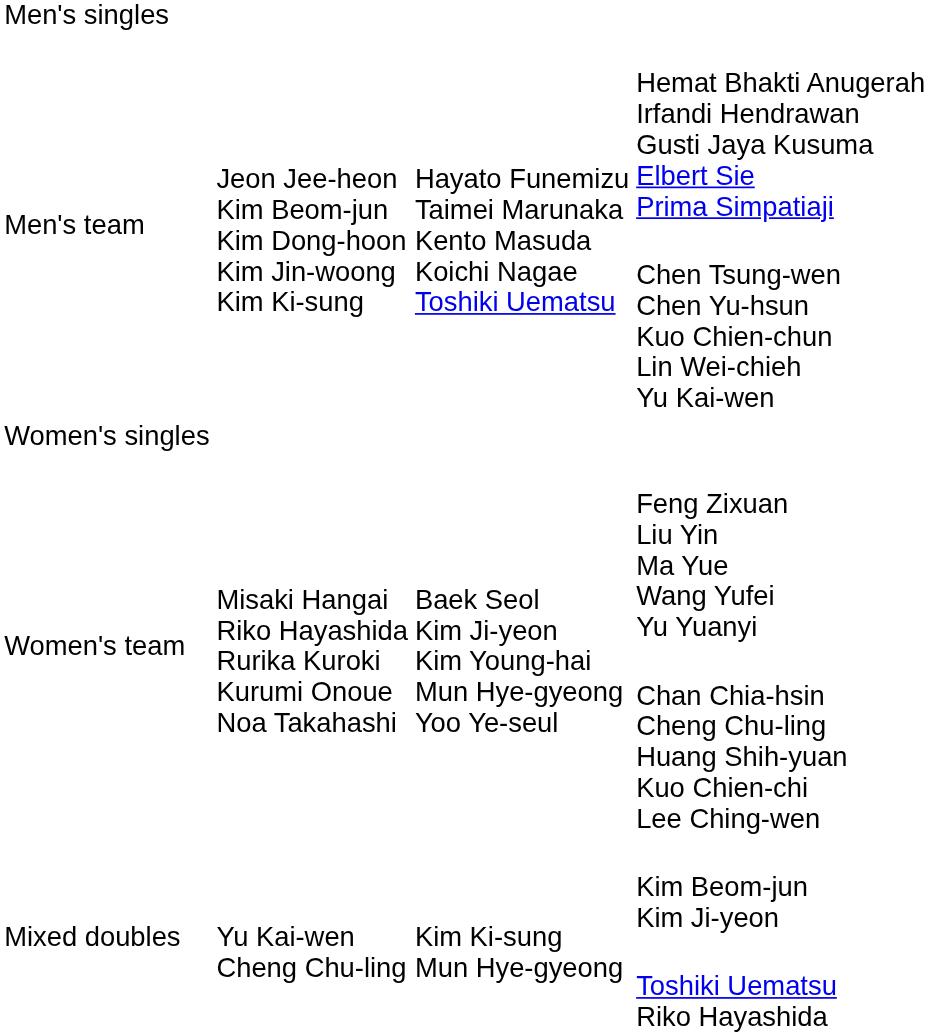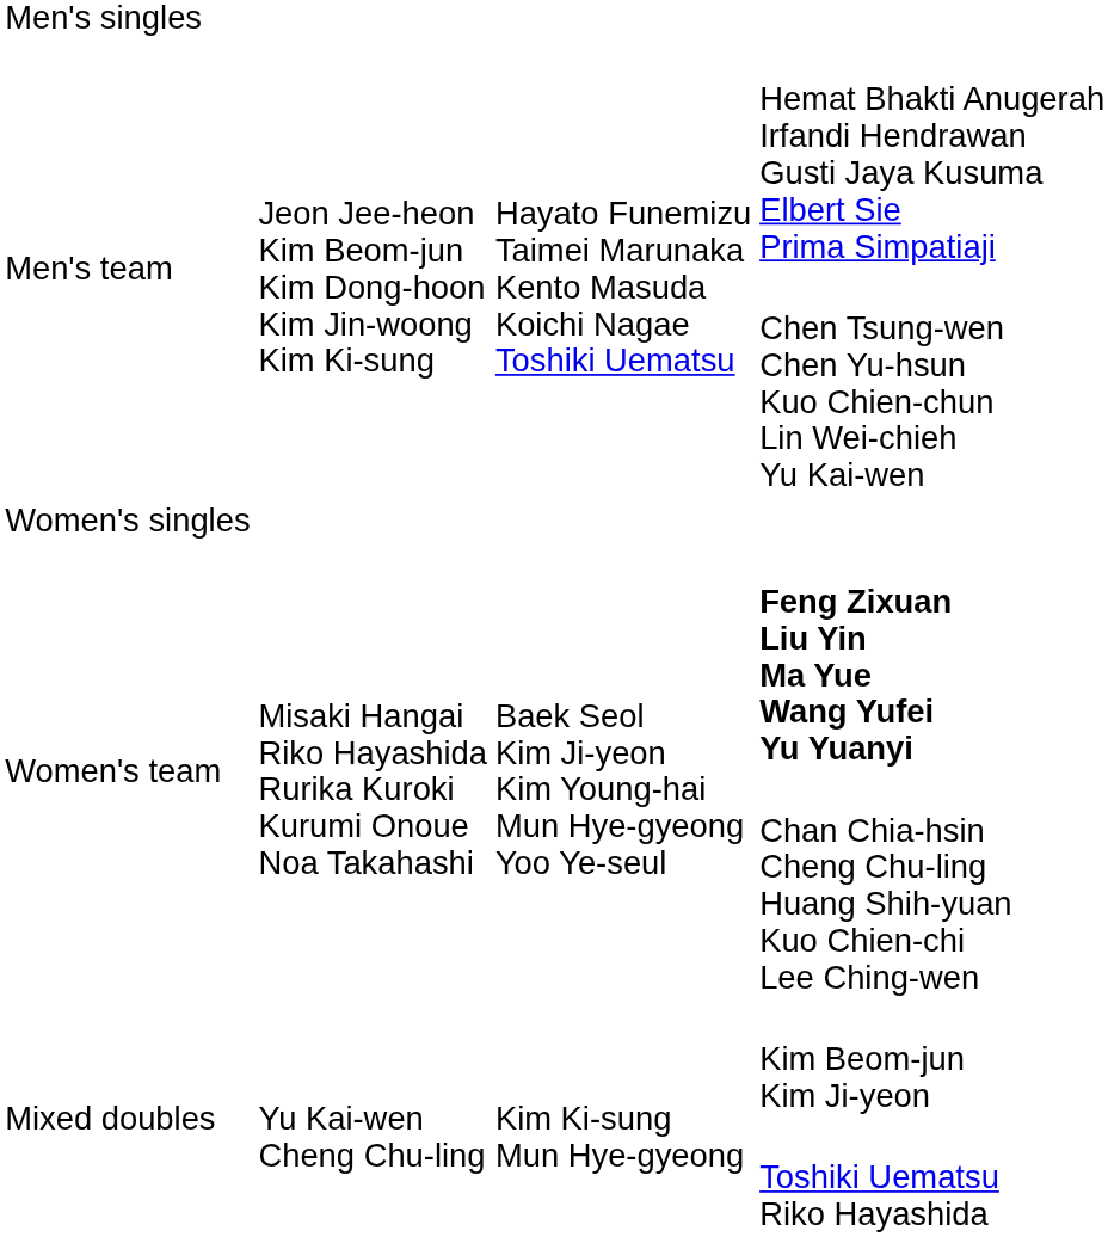 <table>
 <tr>
 <td rowspan=2>Men's singles<br></td>
 <td rowspan=2></td>
 <td rowspan=2></td>
 <td></td>
 </tr>
 <tr>
 <td></td>
 </tr>
 <tr>
 <td rowspan=2>Men's team<br></td>
 <td rowspan=2><br>Jeon Jee-heon<br>Kim Beom-jun<br>Kim Dong-hoon<br>Kim Jin-woong<br>Kim Ki-sung</td>
 <td rowspan=2><br>Hayato Funemizu<br>Taimei Marunaka<br>Kento Masuda<br>Koichi Nagae<br><a href='#'>Toshiki Uematsu</a></td>
 <td><br>Hemat Bhakti Anugerah<br>Irfandi Hendrawan<br>Gusti Jaya Kusuma<br><a href='#'>Elbert Sie</a><br><a href='#'>Prima Simpatiaji</a></td>
 </tr>
 <tr>
 <td><br>Chen Tsung-wen<br>Chen Yu-hsun<br>Kuo Chien-chun<br>Lin Wei-chieh<br>Yu Kai-wen</td>
 </tr>
 <tr>
 <td rowspan=2>Women's singles<br></td>
 <td rowspan=2></td>
 <td rowspan=2></td>
 <td></td>
 </tr>
 <tr>
 <td></td>
 </tr>
 <tr>
 <td rowspan=2>Women's team<br></td>
 <td rowspan=2><br>Misaki Hangai<br>Riko Hayashida<br>Rurika Kuroki<br>Kurumi Onoue<br>Noa Takahashi</td>
 <td rowspan=2><br>Baek Seol<br>Kim Ji-yeon<br>Kim Young-hai<br>Mun Hye-gyeong<br>Yoo Ye-seul</td>
-<td><br>Feng Zixuan<br>Liu Yin<br>Ma Yue<br>Wang Yufei<br>Yu Yuanyi</td>
+<td><strong><br>Feng Zixuan<br>Liu Yin<br>Ma Yue<br>Wang Yufei<br>Yu Yuanyi</strong></td>
 </tr>
 <tr>
 <td><br>Chan Chia-hsin<br>Cheng Chu-ling<br>Huang Shih-yuan<br>Kuo Chien-chi<br>Lee Ching-wen</td>
 </tr>
 <tr>
 <td rowspan=2>Mixed doubles<br></td>
 <td rowspan=2><br>Yu Kai-wen<br>Cheng Chu-ling</td>
 <td rowspan=2><br>Kim Ki-sung<br>Mun Hye-gyeong</td>
 <td><br>Kim Beom-jun<br>Kim Ji-yeon</td>
 </tr>
 <tr>
 <td><br><a href='#'>Toshiki Uematsu</a><br>Riko Hayashida</td>
 </tr>
 </table>
